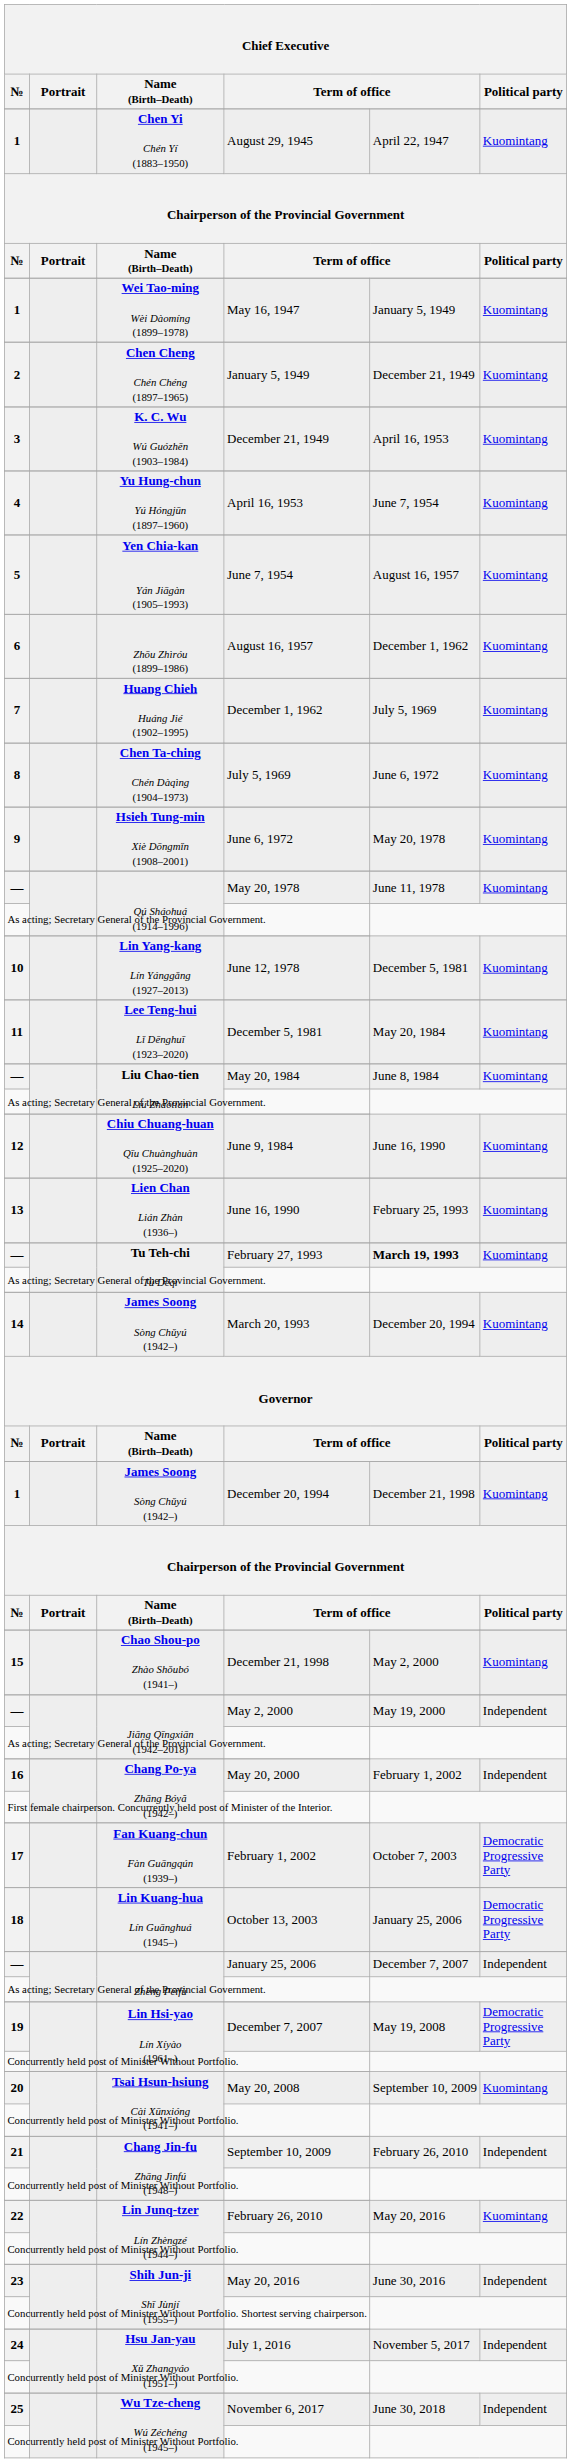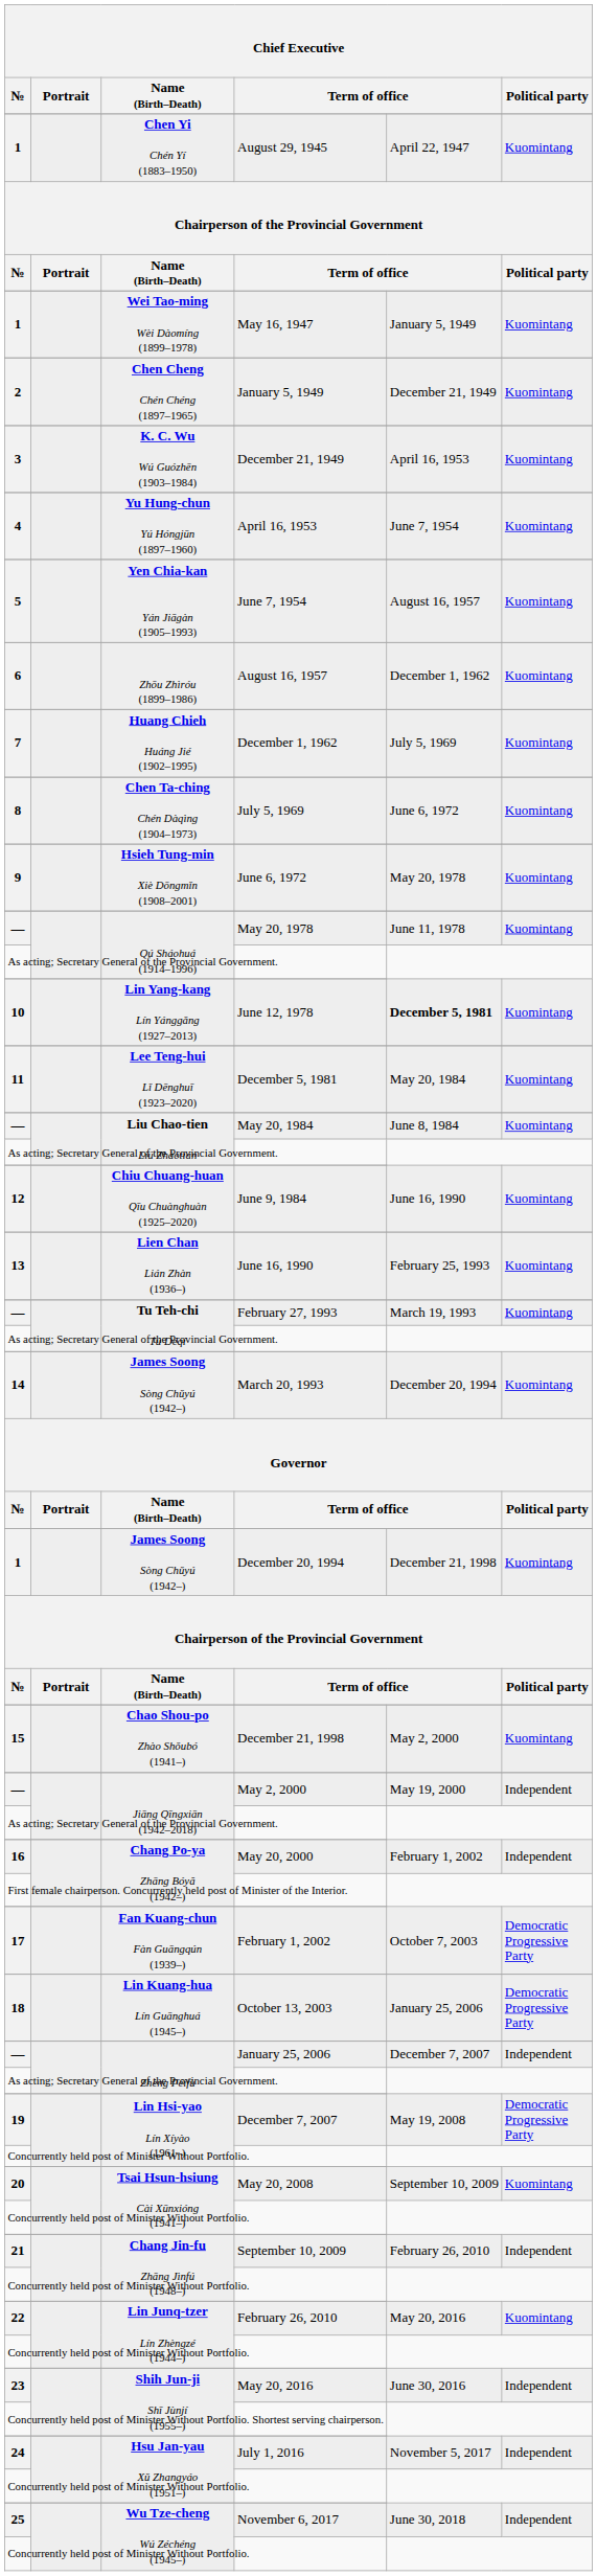 <table class="wikitable">
 <tr>
 <th colspan=6><br><h4>Chief Executive</h4></th>
 </tr>
 <tr ->
 <th>№</th>
 <th>Portrait</th>
 <th width=150px>Name<br><small>(Birth–Death)</small></th>
 <th colspan=2 width=200px>Term of office</th>
 <th width=100px>Political party</th>
 </tr>
 <tr ->
 </tr>
 <tr - bgcolor=#EEEEEE>
 <th style="background:">1</th>
 <td align=center></td>
 <td align=center><strong><a href='#'>Chen Yi</a></strong><br><span></span><br><small><em>Chén Yí</em><br>(1883–1950)</small></td>
 <td>August 29, 1945</td>
 <td>April 22, 1947</td>
 <td><a href='#'>Kuomintang</a></td>
 </tr>
 <tr ->
 <th colspan=6><br><h4>Chairperson of the Provincial Government</h4></th>
 </tr>
 <tr ->
 <th>№</th>
 <th>Portrait</th>
 <th width=150px>Name<br><small>(Birth–Death)</small></th>
 <th colspan=2 width=200px>Term of office</th>
 <th width=100px>Political party</th>
 </tr>
 <tr ->
 </tr>
 <tr - bgcolor=#EEEEEE>
 <th style="background:">1</th>
 <td align=center></td>
 <td align=center><strong><a href='#'>Wei Tao-ming</a></strong><br><span></span><br><small><em>Wèi Dàomíng</em><br>(1899–1978)</small></td>
 <td>May 16, 1947</td>
 <td>January 5, 1949</td>
 <td><a href='#'>Kuomintang</a></td>
 </tr>
 <tr ->
 </tr>
 <tr - bgcolor=#EEEEEE>
 <th style="background:">2</th>
 <td align=center></td>
 <td align=center><strong><a href='#'>Chen Cheng</a></strong><br><span></span><br><small><em>Chén Chéng</em><br>(1897–1965)</small></td>
 <td>January 5, 1949</td>
 <td>December 21, 1949</td>
 <td><a href='#'>Kuomintang</a></td>
 </tr>
 <tr ->
 </tr>
 <tr - bgcolor=#EEEEEE>
 <th style="background:">3</th>
 <td align=center></td>
 <td align=center><strong><a href='#'>K. C. Wu</a></strong><br><span></span><br><small><em>Wú Guózhēn</em><br>(1903–1984)</small></td>
 <td>December 21, 1949</td>
 <td>April 16, 1953</td>
 <td><a href='#'>Kuomintang</a></td>
 </tr>
 <tr ->
 </tr>
 <tr - bgcolor=#EEEEEE>
 <th style="background:">4</th>
 <td align=center></td>
 <td align=center><strong><a href='#'>Yu Hung-chun</a></strong><br><span> </span><br><small><em>Yú Hóngjūn</em><br>(1897–1960)</small></td>
 <td>April 16, 1953</td>
 <td>June 7, 1954</td>
 <td><a href='#'>Kuomintang</a></td>
 </tr>
 <tr ->
 </tr>
 <tr - bgcolor=#EEEEEE>
 <th style="background:">5</th>
 <td align=center></td>
 <td align=center><strong><a href='#'>Yen Chia-kan<br></a></strong><br><span></span><br><small><em>Yán Jiāgàn</em><br>(1905–1993)</small></td>
 <td>June 7, 1954</td>
 <td>August 16, 1957</td>
 <td><a href='#'>Kuomintang</a></td>
 </tr>
 <tr ->
 </tr>
 <tr - bgcolor=#EEEEEE>
 <th style="background:">6</th>
 <td align=center></td>
 <td align=center><strong></strong><br><span></span><br><small><em>Zhōu Zhìróu</em><br>(1899–1986)</small></td>
 <td>August 16, 1957</td>
 <td>December 1, 1962</td>
 <td><a href='#'>Kuomintang</a></td>
 </tr>
 <tr ->
 </tr>
 <tr - bgcolor=#EEEEEE>
 <th style="background:">7</th>
 <td align=center></td>
 <td align=center><strong><a href='#'>Huang Chieh</a></strong><br><span> </span><br><small><em>Huáng Jié</em><br>(1902–1995)</small></td>
 <td>December 1, 1962</td>
 <td>July 5, 1969</td>
 <td><a href='#'>Kuomintang</a></td>
 </tr>
 <tr ->
 </tr>
 <tr - bgcolor=#EEEEEE>
 <th style="background:">8</th>
 <td align=center></td>
 <td align=center><strong><a href='#'>Chen Ta-ching</a></strong><br><span> </span><br><small><em>Chén Dàqìng</em><br>(1904–1973)</small></td>
 <td>July 5, 1969</td>
 <td>June 6, 1972</td>
 <td><a href='#'>Kuomintang</a></td>
 </tr>
 <tr ->
 </tr>
 <tr - bgcolor=#EEEEEE>
 <th style="background:">9</th>
 <td align=center></td>
 <td align=center><strong><a href='#'>Hsieh Tung-min</a></strong><br><span></span><br><small><em>Xiè Dōngmǐn</em><br>(1908–2001)</small></td>
 <td>June 6, 1972</td>
 <td>May 20, 1978</td>
 <td><a href='#'>Kuomintang</a></td>
 </tr>
 <tr ->
 </tr>
 <tr - bgcolor=#EEEEEE>
 <th style="background:">—</th>
 <td rowspan=2 align=center></td>
 <td rowspan=2 align=center><strong></strong><br><span></span><br><small><em>Qú Sháohuá</em><br>(1914–1996)</small></td>
 <td>May 20, 1978</td>
 <td>June 11, 1978</td>
 <td><a href='#'>Kuomintang</a></td>
 </tr>
 <tr>
 <td colspan=4><small>As acting; Secretary General of the Provincial Government.</small></td>
 </tr>
 <tr ->
 </tr>
 <tr - bgcolor=#EEEEEE>
 <th style="background:">10</th>
 <td align=center></td>
 <td align=center><strong><a href='#'>Lin Yang-kang</a> </strong> <br><span></span><br><small><em>Lín Yánggǎng</em><br>(1927–2013)</small></td>
 <td>June 12, 1978</td>
-<td>December 5, 1981</td>
+<td><strong>December 5, 1981</strong></td>
 <td><a href='#'>Kuomintang</a></td>
 </tr>
 <tr ->
 </tr>
 <tr - bgcolor=#EEEEEE>
 <th style="background:">11</th>
 <td align=center></td>
 <td align=center><strong><a href='#'>Lee Teng-hui</a></strong><br><span></span><br><small><em>Lǐ Dēnghuī</em><br>(1923–2020)</small></td>
 <td>December 5, 1981</td>
 <td>May 20, 1984</td>
 <td><a href='#'>Kuomintang</a></td>
 </tr>
 <tr ->
 </tr>
 <tr - bgcolor=#EEEEEE>
 <th style="background:">—</th>
 <td rowspan=2 align=center></td>
 <td rowspan=2 align=center><strong>Liu Chao-tien</strong><br><span></span><br><small><em>Liú Zhàotián</em></small></td>
 <td>May 20, 1984</td>
 <td>June 8, 1984</td>
 <td><a href='#'>Kuomintang</a></td>
 </tr>
 <tr>
 <td colspan=4><small>As acting; Secretary General of the Provincial Government.</small></td>
 </tr>
 <tr ->
 </tr>
 <tr - bgcolor=#EEEEEE>
 <th style="background:">12</th>
 <td align=center></td>
 <td align=center><strong><a href='#'>Chiu Chuang-huan</a></strong><br><span></span><br><small><em>Qīu Chuànghuàn</em><br>(1925–2020)</small></td>
 <td>June 9, 1984</td>
 <td>June 16, 1990</td>
 <td><a href='#'>Kuomintang</a></td>
 </tr>
 <tr ->
 </tr>
 <tr - bgcolor=#EEEEEE>
 <th style="background:">13</th>
 <td align=center></td>
 <td align=center><strong><a href='#'>Lien Chan</a></strong><br><span></span><br><small><em>Lián Zhàn</em><br>(1936–)</small></td>
 <td>June 16, 1990</td>
 <td>February 25, 1993</td>
 <td><a href='#'>Kuomintang</a></td>
 </tr>
 <tr ->
 </tr>
 <tr - bgcolor=#EEEEEE>
 <th style="background:">—</th>
 <td rowspan=2 align=center></td>
 <td rowspan=2 align=center><strong>Tu Teh-chi</strong><br><span></span><br><small><em>Tú Déqí</em></small></td>
 <td>February 27, 1993</td>
-<td><strong>March 19, 1993</strong></td>
+<td>March 19, 1993</td>
 <td><a href='#'>Kuomintang</a></td>
 </tr>
 <tr>
 <td colspan=4><small>As acting; Secretary General of the Provincial Government.</small></td>
 </tr>
 <tr ->
 </tr>
 <tr - bgcolor=#EEEEEE>
 <th style="background:">14</th>
 <td align=center></td>
 <td align=center><strong><a href='#'>James Soong</a></strong><br><span></span><br><small><em>Sòng Chǔyú</em><br>(1942–)</small></td>
 <td>March 20, 1993</td>
 <td>December 20, 1994</td>
 <td><a href='#'>Kuomintang</a></td>
 </tr>
 <tr ->
 <th colspan=6><br><h4>Governor</h4></th>
 </tr>
 <tr>
 <th>№</th>
 <th>Portrait</th>
 <th width=150px>Name<br><small>(Birth–Death)</small></th>
 <th colspan=2 width=200px>Term of office</th>
 <th width=100px>Political party</th>
 </tr>
 <tr ->
 </tr>
 <tr - bgcolor=#EEEEEE>
 <th style="background:">1</th>
 <td align=center></td>
 <td align=center><strong><a href='#'>James Soong</a></strong><br><span></span><br><small><em>Sòng Chǔyú</em><br>(1942–)</small></td>
 <td>December 20, 1994</td>
 <td>December 21, 1998</td>
 <td><a href='#'>Kuomintang</a></td>
 </tr>
 <tr ->
 <th colspan=6><br><h4>Chairperson of the Provincial Government</h4></th>
 </tr>
 <tr ->
 <th>№</th>
 <th>Portrait</th>
 <th width=150px>Name<br><small>(Birth–Death)</small></th>
 <th colspan=2 width=200px>Term of office</th>
 <th width=100px>Political party</th>
 </tr>
 <tr ->
 </tr>
 <tr - bgcolor=#EEEEEE>
 <th style="background:">15</th>
 <td align=center></td>
 <td align=center><strong><a href='#'>Chao Shou-po</a></strong><br><span></span><br><small><em>Zhào Shǒubó</em><br>(1941–)</small></td>
 <td>December 21, 1998</td>
 <td>May 2, 2000</td>
 <td><a href='#'>Kuomintang</a></td>
 </tr>
 <tr ->
 </tr>
 <tr - bgcolor=#EEEEEE>
 <th style="background:">—</th>
 <td rowspan=2 align=center></td>
 <td rowspan=2 align=center><strong></strong><br><span></span><br><small><em>Jiāng Qīngxiān</em><br>(1942–2018)</small></td>
 <td>May 2, 2000</td>
 <td>May 19, 2000</td>
 <td>Independent</td>
 </tr>
 <tr>
 <td colspan=4><small>As acting; Secretary General of the Provincial Government.</small></td>
 </tr>
 <tr ->
 </tr>
 <tr - bgcolor=#EEEEEE>
 <th style="background:">16</th>
 <td rowspan=2 align=center></td>
 <td rowspan=2 align=center><strong><a href='#'>Chang Po-ya</a></strong><br><span></span><br><small><em>Zhāng Bóyă </em><br>(1942–)</small></td>
 <td>May 20, 2000</td>
 <td>February 1, 2002</td>
 <td>Independent</td>
 </tr>
 <tr>
 <td colspan=4><small>First female chairperson. Concurrently held post of Minister of the Interior.</small></td>
 </tr>
 <tr ->
 </tr>
 <tr - bgcolor=#EEEEEE>
 <th style="background:">17</th>
 <td align=center></td>
 <td align=center><strong><a href='#'>Fan Kuang-chun</a></strong><br><span></span><br><small><em>Fàn Guāngqún</em><br>(1939–)</small></td>
 <td>February 1, 2002</td>
 <td>October 7, 2003</td>
 <td><a href='#'>Democratic Progressive Party</a></td>
 </tr>
 <tr ->
 </tr>
 <tr - bgcolor=#EEEEEE>
 <th style="background:">18</th>
 <td align=center></td>
 <td align=center><strong><a href='#'>Lin Kuang-hua</a></strong><br><span></span><br><small><em>Lín Guānghuá </em><br>(1945–)</small></td>
 <td>October 13, 2003</td>
 <td>January 25, 2006</td>
 <td><a href='#'>Democratic Progressive Party</a></td>
 </tr>
 <tr ->
 </tr>
 <tr - bgcolor=#EEEEEE>
 <th style="background:">—</th>
 <td rowspan=2 align=center></td>
 <td rowspan=2 align=center><strong></strong><br><span></span><br><small><em>Zhèng Péifù</em></small></td>
 <td>January 25, 2006</td>
 <td>December 7, 2007</td>
 <td>Independent</td>
 </tr>
 <tr>
 <td colspan=4><small>As acting; Secretary General of the Provincial Government.</small></td>
 </tr>
 <tr ->
 </tr>
 <tr - bgcolor=#EEEEEE>
 <th style="background:">19</th>
 <td rowspan=2 align=center></td>
 <td rowspan=2 align=center><strong><a href='#'>Lin Hsi-yao</a></strong><br><span></span><br><small><em> Lín Xíyào</em><br>(1961–)</small></td>
 <td>December 7, 2007</td>
 <td>May 19, 2008</td>
 <td><a href='#'>Democratic Progressive Party</a></td>
 </tr>
 <tr>
 <td colspan=4><small>Concurrently held post of Minister Without Portfolio.</small></td>
 </tr>
 <tr ->
 </tr>
 <tr - bgcolor=#EEEEEE>
 <th style="background:">20</th>
 <td rowspan=2 align=center></td>
 <td rowspan=2 align=center><strong><a href='#'>Tsai Hsun-hsiung</a></strong><br><span></span><br><small><em> Cài Xūnxióng</em><br>(1941–)</small></td>
 <td>May 20, 2008</td>
 <td>September 10, 2009</td>
 <td><a href='#'>Kuomintang</a></td>
 </tr>
 <tr>
 <td colspan=4><small>Concurrently held post of Minister Without Portfolio.</small></td>
 </tr>
 <tr ->
 </tr>
 <tr - bgcolor=#EEEEEE>
 <th style="background:">21</th>
 <td rowspan=2 align=center></td>
 <td rowspan=2 align=center><strong><a href='#'>Chang Jin-fu</a></strong><br><span></span><br><small><em> Zhāng Jìnfú</em><br>(1948–)</small></td>
 <td>September 10, 2009</td>
 <td>February 26, 2010</td>
 <td>Independent</td>
 </tr>
 <tr>
 <td colspan=4><small>Concurrently held post of Minister Without Portfolio.</small></td>
 </tr>
 <tr ->
 </tr>
 <tr - bgcolor=#EEEEEE>
 <th style="background:">22</th>
 <td rowspan=2 align=center></td>
 <td rowspan=2 align=center><strong><a href='#'>Lin Junq-tzer</a></strong><br><span></span><br><small><em> Lín Zhèngzé </em><br>(1944–)</small></td>
 <td>February 26, 2010</td>
 <td>May 20, 2016</td>
 <td><a href='#'>Kuomintang</a></td>
 </tr>
 <tr>
 <td colspan=4><small>Concurrently held post of Minister Without Portfolio.</small></td>
 </tr>
 <tr ->
 </tr>
 <tr - bgcolor=#EEEEEE>
 <th style="background:">23</th>
 <td rowspan=2 align=center></td>
 <td rowspan=2 align=center><strong><a href='#'>Shih Jun-ji</a></strong><br><span></span><br><small><em> Shī Jùnjí</em><br>(1955–)</small></td>
 <td>May 20, 2016</td>
 <td>June 30, 2016</td>
 <td>Independent</td>
 </tr>
 <tr>
 <td colspan=4><small>Concurrently held post of Minister Without Portfolio. Shortest serving chairperson. </small></td>
 </tr>
 <tr ->
 </tr>
 <tr - bgcolor=#EEEEEE>
 <th style="background:">24</th>
 <td rowspan=2 align=center></td>
 <td rowspan=2 align=center><strong><a href='#'>Hsu Jan-yau</a></strong><br><span></span><br><small><em>Xǔ Zhangyáo </em><br> (1951–)</small></td>
 <td>July 1, 2016</td>
 <td>November 5, 2017</td>
 <td>Independent</td>
 </tr>
 <tr>
 <td colspan=4><small>Concurrently held post of Minister Without Portfolio.</small></td>
 </tr>
 <tr ->
 </tr>
 <tr - bgcolor=#EEEEEE>
 <th style="background:">25</th>
 <td rowspan=2 align=center></td>
 <td rowspan=2 align=center><strong><a href='#'>Wu Tze-cheng</a></strong><br><span></span><br><small><em>Wú Zéchéng </em><br> (1945–)</small></td>
 <td>November 6, 2017</td>
 <td>June 30, 2018</td>
 <td>Independent</td>
 </tr>
 <tr>
 <td colspan=4><small>Concurrently held post of Minister Without Portfolio.</small></td>
 </tr>
 </table>
